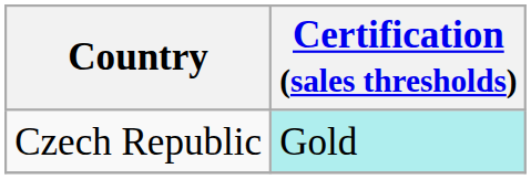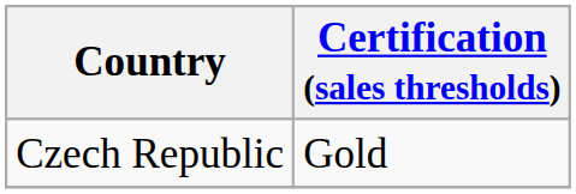 <table class="wikitable sortable">
 <tr>
 <th>Country</th>
 <th><a href='#'>Certification</a><br><small>(<a href='#'>sales thresholds</a>)</small></th>
 </tr>
 <tr>
 <td>Czech Republic</td>
-<td style="background: paleturquoise;">Gold</td>
+<td>Gold</td>
 </tr>
 <tr>
 </tr>
 </table>
